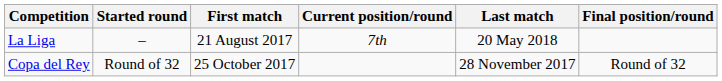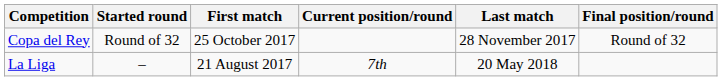 <table class="wikitable" style="font-size:100%; text-align:center">
 <tr>
 <th>Competition</th>
 <th>Started round</th>
 <th>First match</th>
 <th>Current position/round</th>
 <th>Last match</th>
 <th>Final position/round</th>
 </tr>
 <tr style="background:">
+<td align="left"><a href='#'>Copa del Rey</a></td>
+<td>Round of 32</td>
+<td>25 October 2017</td>
+<td></td>
+<td>28 November 2017</td>
+<td>Round of 32</td>
+</tr>
+<tr style="background:">
 <td align="left"><a href='#'>La Liga</a></td>
 <td>–</td>
 <td>21 August 2017</td>
 <td><em>7th</em></td>
 <td>20 May 2018</td>
 <td></td>
 </tr>
-<tr style="background:">
-<td align="left"><a href='#'>Copa del Rey</a></td>
-<td>Round of 32</td>
-<td>25 October 2017</td>
-<td></td>
-<td>28 November 2017</td>
-<td>Round of 32</td>
-</tr>
 </table>
